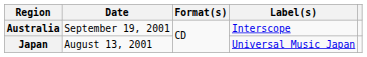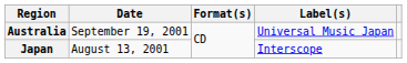 <table class="wikitable plainrowheaders">
 <tr>
 <th scope="col">Region</th>
 <th scope="col">Date</th>
 <th scope="col">Format(s)</th>
 <th scope="col">Label(s)</th>
 <th scope="col"></th>
 </tr>
 <tr>
 <th scope="row">Australia</th>
 <td>September 19, 2001</td>
 <td rowspan="2">CD</td>
-<td><a href='#'>Interscope</a></td>
+<td><a href='#'>Universal Music Japan</a></td>
 <td></td>
 </tr>
 <tr>
 <th scope="row">Japan</th>
 <td>August 13, 2001</td>
-<td><a href='#'>Universal Music Japan</a></td>
+<td><a href='#'>Interscope</a></td>
 <td></td>
 </tr>
 </table>
